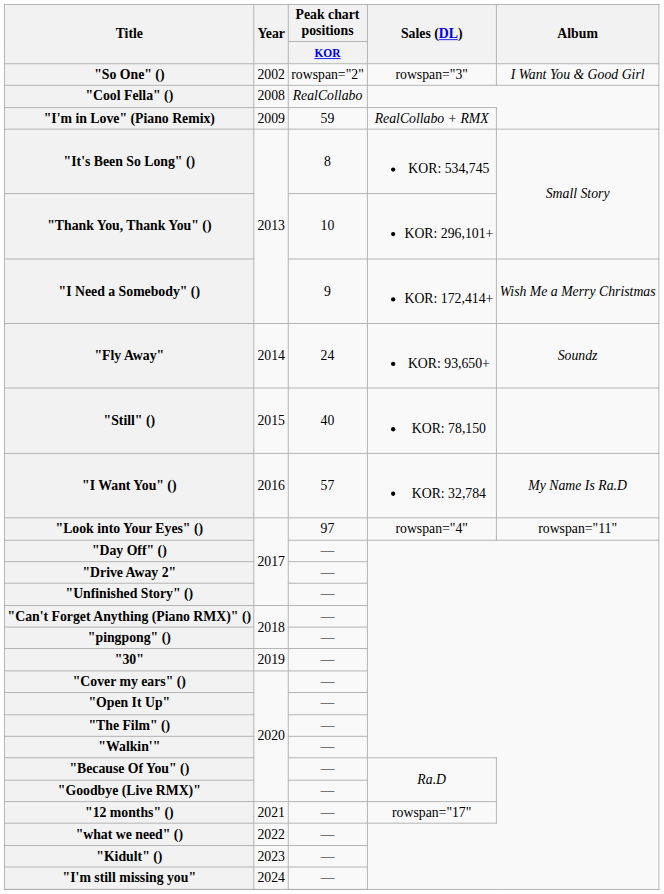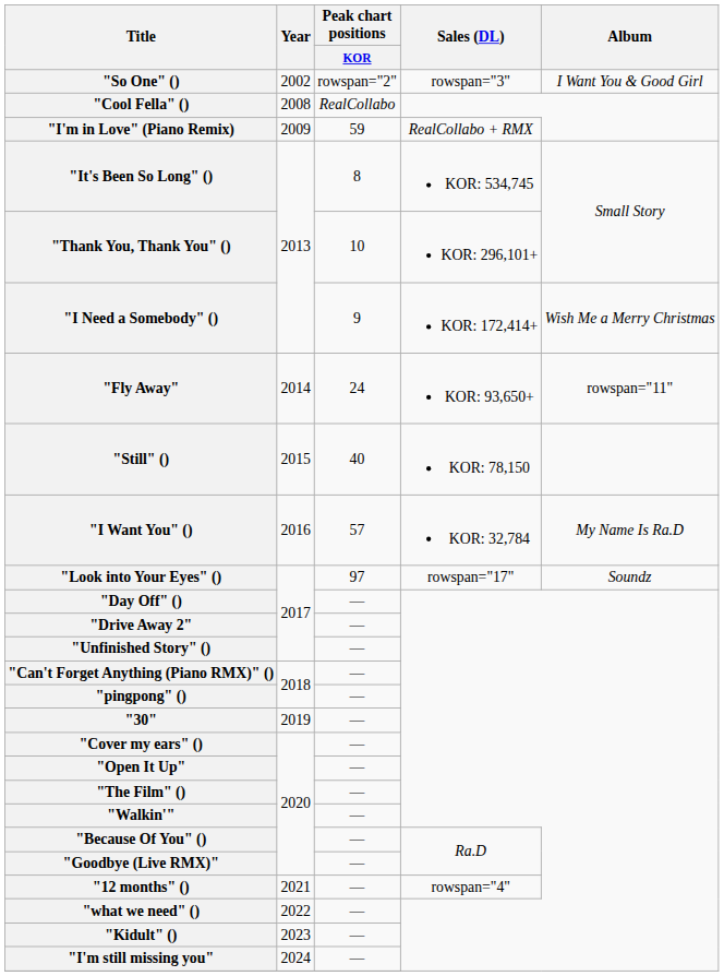 <table class="wikitable plainrowheaders" style="text-align:center;">
 <tr>
 <th scope="col" rowspan="2">Title</th>
 <th scope="col" rowspan="2">Year</th>
 <th scope="col" colspan="1" style="width:5em;">Peak chart positions</th>
 <th scope="col" rowspan="2">Sales (<a href='#'>DL</a>)</th>
 <th scope="col" rowspan="2">Album</th>
 </tr>
 <tr>
 <th><small><a href='#'>KOR</a></small><br></th>
 </tr>
 <tr>
 <th scope="row">"So One" ()</th>
 <td>2002</td>
 <td>rowspan="2" </td>
 <td>rowspan="3" </td>
 <td><em>I Want You & Good Girl</em></td>
 </tr>
 <tr>
 <th scope="row">"Cool Fella" ()<br></th>
 <td>2008</td>
 <td><em>RealCollabo</em></td>
 </tr>
 <tr>
 <th scope="row">"I'm in Love" (Piano Remix)</th>
 <td>2009</td>
 <td>59</td>
 <td><em>RealCollabo + RMX</em></td>
 </tr>
 <tr>
 <th scope="row">"It's Been So Long" ()<br></th>
 <td rowspan=3>2013</td>
 <td>8</td>
 <td><br><ul><li>KOR: 534,745</li></ul></td>
 <td rowspan=2><em>Small Story</em></td>
 </tr>
 <tr>
 <th scope="row">"Thank You, Thank You" ()</th>
 <td>10</td>
 <td><br><ul><li>KOR: 296,101+</li></ul></td>
 </tr>
 <tr>
 <th scope="row">"I Need a Somebody" ()<br></th>
 <td>9</td>
 <td><br><ul><li>KOR: 172,414+</li></ul></td>
 <td><em>Wish Me a Merry Christmas</em></td>
 </tr>
 <tr>
 <th scope="row">"Fly Away"</th>
 <td>2014</td>
 <td>24</td>
 <td><br><ul><li>KOR: 93,650+</li></ul></td>
-<td><em>Soundz</em></td>
+<td>rowspan="11" </td>
 </tr>
 <tr>
 <th scope="row">"Still" ()</th>
 <td>2015</td>
 <td>40</td>
 <td><br><ul><li>KOR: 78,150</li></ul></td>
 <td></td>
 </tr>
 <tr>
 <th scope="row">"I Want You" ()</th>
 <td>2016</td>
 <td>57</td>
 <td><br><ul><li>KOR: 32,784</li></ul></td>
 <td><em>My Name Is Ra.D</em></td>
 </tr>
 <tr>
 <th scope="row">"Look into Your Eyes" ()</th>
 <td rowspan="4">2017</td>
 <td>97</td>
-<td>rowspan="4" </td>
-<td>rowspan="11" </td>
+<td>rowspan="17" </td>
+<td><em>Soundz</em></td>
 </tr>
 <tr>
 <th scope="row">"Day Off" ()</th>
 <td>—</td>
 </tr>
 <tr>
 <th scope="row">"Drive Away 2"</th>
 <td>—</td>
 </tr>
 <tr>
 <th scope="row">"Unfinished Story" ()</th>
 <td>—</td>
 </tr>
 <tr>
 <th scope="row">"Can't Forget Anything (Piano RMX)" ()</th>
 <td rowspan="2">2018</td>
 <td>—</td>
 </tr>
 <tr>
 <th scope="row">"pingpong" ()<br></th>
 <td>—</td>
 </tr>
 <tr>
 <th scope="row">"30"<br></th>
 <td>2019</td>
 <td>—</td>
 </tr>
 <tr>
 <th scope="row">"Cover my ears" ()</th>
 <td rowspan="6">2020</td>
 <td>—</td>
 </tr>
 <tr>
 <th scope="row">"Open It Up" <br></th>
 <td>—</td>
 </tr>
 <tr>
 <th scope="row">"The Film" ()</th>
 <td>—</td>
 </tr>
 <tr>
 <th scope="row">"Walkin'"</th>
 <td>—</td>
 </tr>
 <tr>
 <th scope="row">"Because Of You" ()</th>
 <td>—</td>
 <td rowspan="2"><em>Ra.D</em></td>
 </tr>
 <tr>
 <th scope="row">"Goodbye (Live RMX)"</th>
 <td>—</td>
 </tr>
 <tr>
 <th scope="row">"12 months" ()</th>
 <td>2021</td>
 <td>—</td>
-<td>rowspan="17" </td>
+<td>rowspan="4" </td>
 </tr>
 <tr>
 <th scope="row">"what we need" ()</th>
 <td>2022</td>
 <td>—</td>
 </tr>
 <tr>
 <th scope="row">"Kidult" ()</th>
 <td>2023</td>
 <td>—</td>
 </tr>
 <tr>
 <th scope="row">"I'm still missing you"</th>
 <td>2024</td>
 <td>—</td>
 </tr>
 <tr>
 </tr>
 </table>
